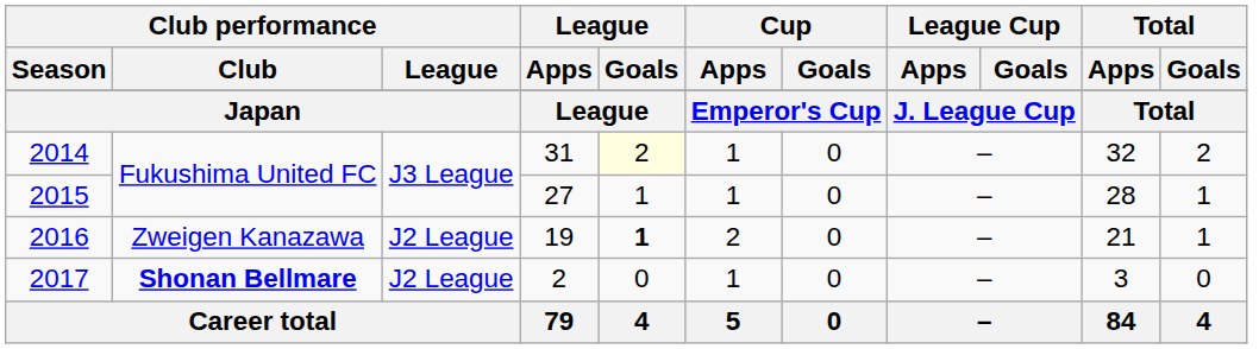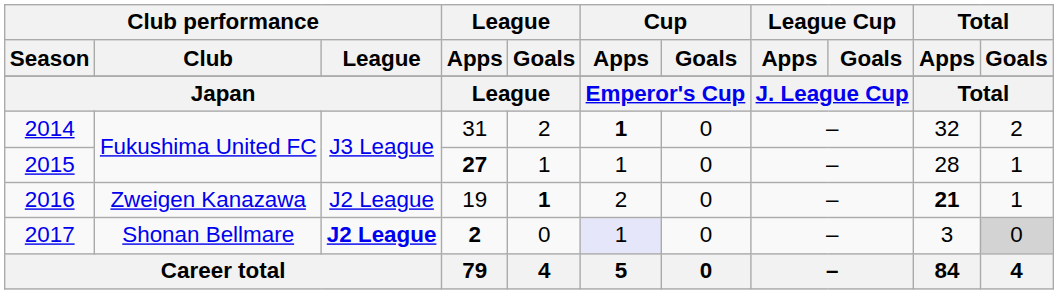 <table class="wikitable" style="text-align:center">
 <tr>
 <th colspan=3>Club performance</th>
 <th colspan=2>League</th>
 <th colspan=2>Cup</th>
 <th colspan=2>League Cup</th>
 <th colspan=2>Total</th>
 </tr>
 <tr>
 <th>Season</th>
 <th>Club</th>
 <th>League</th>
 <th>Apps</th>
 <th>Goals</th>
 <th>Apps</th>
 <th>Goals</th>
 <th>Apps</th>
 <th>Goals</th>
 <th>Apps</th>
 <th>Goals</th>
 </tr>
 <tr>
 </tr>
 <tr>
 <th colspan=3>Japan</th>
 <th colspan=2>League</th>
 <th colspan=2><a href='#'>Emperor's Cup</a></th>
 <th colspan=2><a href='#'>J. League Cup</a></th>
 <th colspan=2>Total</th>
 </tr>
 <tr>
 <td><a href='#'>2014</a></td>
 <td rowspan="2"><a href='#'>Fukushima United FC</a></td>
 <td rowspan="2"><a href='#'>J3 League</a></td>
 <td>31</td>
-<td style="background: lightyellow;">2</td>
-<td>1</td>
+<td>2</td>
+<td><strong>1</strong></td>
 <td>0</td>
 <td colspan="2">–</td>
 <td>32</td>
 <td>2</td>
 </tr>
 <tr>
 <td><a href='#'>2015</a></td>
-<td>27</td>
+<td><strong>27</strong></td>
 <td>1</td>
 <td>1</td>
 <td>0</td>
 <td colspan="2">–</td>
 <td>28</td>
 <td>1</td>
 </tr>
 <tr>
 <td><a href='#'>2016</a></td>
 <td><a href='#'>Zweigen Kanazawa</a></td>
 <td><a href='#'>J2 League</a></td>
 <td>19</td>
 <td><strong>1</strong></td>
 <td>2</td>
 <td>0</td>
 <td colspan="2">–</td>
-<td>21</td>
+<td><strong>21</strong></td>
 <td>1</td>
 </tr>
 <tr>
 <td><a href='#'>2017</a></td>
-<td><strong><a href='#'>Shonan Bellmare</a></strong></td>
-<td><a href='#'>J2 League</a></td>
-<td>2</td>
+<td><a href='#'>Shonan Bellmare</a></td>
+<td><strong><a href='#'>J2 League</a></strong></td>
+<td><strong>2</strong></td>
 <td>0</td>
-<td>1</td>
+<td style="background: lavender;">1</td>
 <td>0</td>
 <td colspan="2">–</td>
 <td>3</td>
-<td>0</td>
+<td style="background: lightgrey;">0</td>
 </tr>
 <tr>
 <th colspan=3>Career total</th>
 <th>79</th>
 <th>4</th>
 <th>5</th>
 <th>0</th>
 <th colspan="2">–</th>
 <th>84</th>
 <th>4</th>
 </tr>
 </table>
